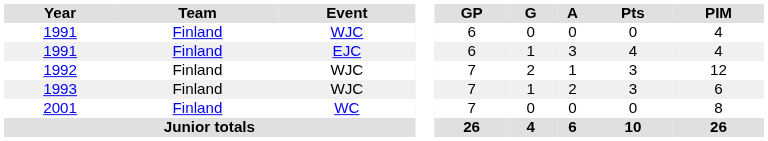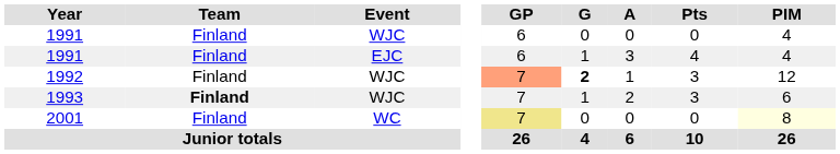 <table border="0" cellpadding="1" cellspacing="0" style="text-align:center; width:50em">
 <tr ALIGN="center" bgcolor="#e0e0e0">
 <th>Year</th>
 <th>Team</th>
 <th>Event</th>
 <th rowspan="99" bgcolor="#ffffff"> </th>
 <th>GP</th>
 <th>G</th>
 <th>A</th>
 <th>Pts</th>
 <th>PIM</th>
 </tr>
 <tr>
 <td><a href='#'>1991</a></td>
 <td><a href='#'>Finland</a></td>
 <td><a href='#'>WJC</a></td>
 <td>6</td>
 <td>0</td>
 <td>0</td>
 <td>0</td>
 <td>4</td>
 </tr>
 <tr bgcolor="#f0f0f0">
 <td><a href='#'>1991</a></td>
 <td><a href='#'>Finland</a></td>
 <td><a href='#'>EJC</a></td>
 <td>6</td>
 <td>1</td>
 <td>3</td>
 <td>4</td>
 <td>4</td>
 </tr>
 <tr>
 <td><a href='#'>1992</a></td>
 <td>Finland</td>
 <td>WJC</td>
-<td>7</td>
-<td>2</td>
+<td style="background: lightsalmon;">7</td>
+<td><strong>2</strong></td>
 <td>1</td>
 <td>3</td>
 <td>12</td>
 </tr>
 <tr bgcolor="#f0f0f0">
 <td><a href='#'>1993</a></td>
-<td>Finland</td>
+<td><strong>Finland</strong></td>
 <td>WJC</td>
 <td>7</td>
 <td>1</td>
 <td>2</td>
 <td>3</td>
 <td>6</td>
 </tr>
 <tr>
 <td><a href='#'>2001</a></td>
 <td><a href='#'>Finland</a></td>
 <td><a href='#'>WC</a></td>
-<td>7</td>
+<td style="background: khaki;">7</td>
 <td>0</td>
 <td>0</td>
 <td>0</td>
-<td>8</td>
+<td style="background: lightyellow;">8</td>
 </tr>
 <tr bgcolor="#e0e0e0">
 <th colspan="3">Junior totals</th>
 <th>26</th>
 <th>4</th>
 <th>6</th>
 <th>10</th>
 <th>26</th>
 </tr>
 </table>
